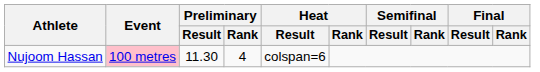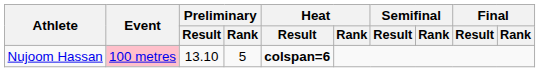 <table class="wikitable" style="font-size:90%">
 <tr>
 <th rowspan="2">Athlete</th>
 <th rowspan="2">Event</th>
 <th colspan="2">Preliminary</th>
 <th colspan="2">Heat</th>
 <th colspan="2">Semifinal</th>
 <th colspan="2">Final</th>
 </tr>
 <tr style="font-size:95%">
 <th>Result</th>
 <th>Rank</th>
 <th>Result</th>
 <th>Rank</th>
 <th>Result</th>
 <th>Rank</th>
 <th>Result</th>
 <th>Rank</th>
 </tr>
 <tr align=center>
 <td align=left><a href='#'>Nujoom Hassan</a></td>
 <td align=left style="background: pink;"><a href='#'>100 metres</a></td>
-<td>11.30 </td>
-<td>4</td>
-<td>colspan=6 </td>
+<td>13.10 </td>
+<td>5</td>
+<td><strong>colspan=6 </strong></td>
 </tr>
 </table>
